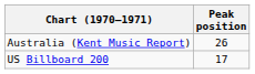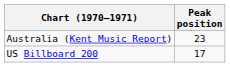 <table class="wikitable">
 <tr>
 <th scope="col">Chart (1970–1971)</th>
 <th>Peak<br>position</th>
 </tr>
 <tr>
 <td>Australia (<a href='#'>Kent Music Report</a>)</td>
-<td style="text-align:center;">26</td>
+<td style="text-align:center;">23</td>
 </tr>
 <tr>
 <td>US <a href='#'>Billboard 200</a></td>
 <td style="text-align:center;">17</td>
 </tr>
 </table>
